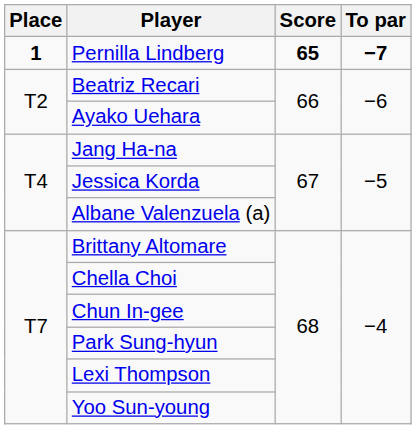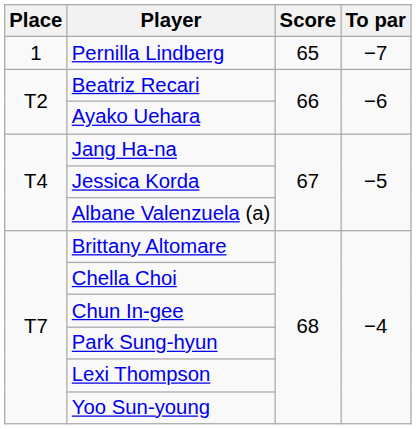 <table class="wikitable">
 <tr>
 <th>Place</th>
 <th>Player</th>
 <th>Score</th>
 <th>To par</th>
 </tr>
 <tr>
-<td align=center><strong>1</strong></td>
+<td align=center>1</td>
 <td> <a href='#'>Pernilla Lindberg</a></td>
-<td align=center><strong>65</strong></td>
-<td align=center><strong>−7</strong></td>
+<td align=center>65</td>
+<td align=center>−7</td>
 </tr>
 <tr>
 <td rowspan=2 align=center>T2</td>
 <td> <a href='#'>Beatriz Recari</a></td>
 <td rowspan=2 align=center>66</td>
 <td rowspan=2 align=center>−6</td>
 </tr>
 <tr>
 <td> <a href='#'>Ayako Uehara</a></td>
 </tr>
 <tr>
 <td rowspan=3 align=center>T4</td>
 <td> <a href='#'>Jang Ha-na</a></td>
 <td rowspan=3 align=center>67</td>
 <td rowspan=3 align=center>−5</td>
 </tr>
 <tr>
 <td> <a href='#'>Jessica Korda</a></td>
 </tr>
 <tr>
 <td> <a href='#'>Albane Valenzuela</a> (a)</td>
 </tr>
 <tr>
 <td rowspan=6 align=center>T7</td>
 <td> <a href='#'>Brittany Altomare</a></td>
 <td rowspan=6 align=center>68</td>
 <td rowspan=6 align=center>−4</td>
 </tr>
 <tr>
 <td> <a href='#'>Chella Choi</a></td>
 </tr>
 <tr>
 <td> <a href='#'>Chun In-gee</a></td>
 </tr>
 <tr>
 <td> <a href='#'>Park Sung-hyun</a></td>
 </tr>
 <tr>
 <td> <a href='#'>Lexi Thompson</a></td>
 </tr>
 <tr>
 <td> <a href='#'>Yoo Sun-young</a></td>
 </tr>
 </table>
